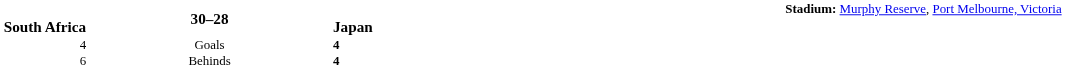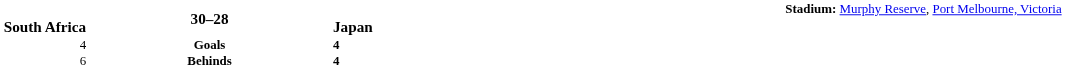 <table style="width: 100%; background: transparent;" cellspacing="0">
 <tr>
 <td align=center valign=top rowspan=3 width=15%></td>
 </tr>
 <tr>
 <td width=24% align=right><br><strong>South Africa</strong></td>
 <td align=center width=13%><strong>30–28</strong></td>
 <td width=24%><br><strong>Japan</strong></td>
 <td style=font-size:85% rowspan=2 valign=top><strong>Stadium:</strong> <a href='#'>Murphy Reserve</a>, <a href='#'>Port Melbourne, Victoria</a></td>
 </tr>
 <tr style=font-size:85%>
 <td align=right valign=top>4<br> 6</td>
-<td align=center valign=top>Goals <br>Behinds</td>
+<td align=center valign=top><strong>Goals <br>Behinds</strong></td>
 <td valign=top><strong>4<br> 4</strong></td>
 </tr>
 </table>
